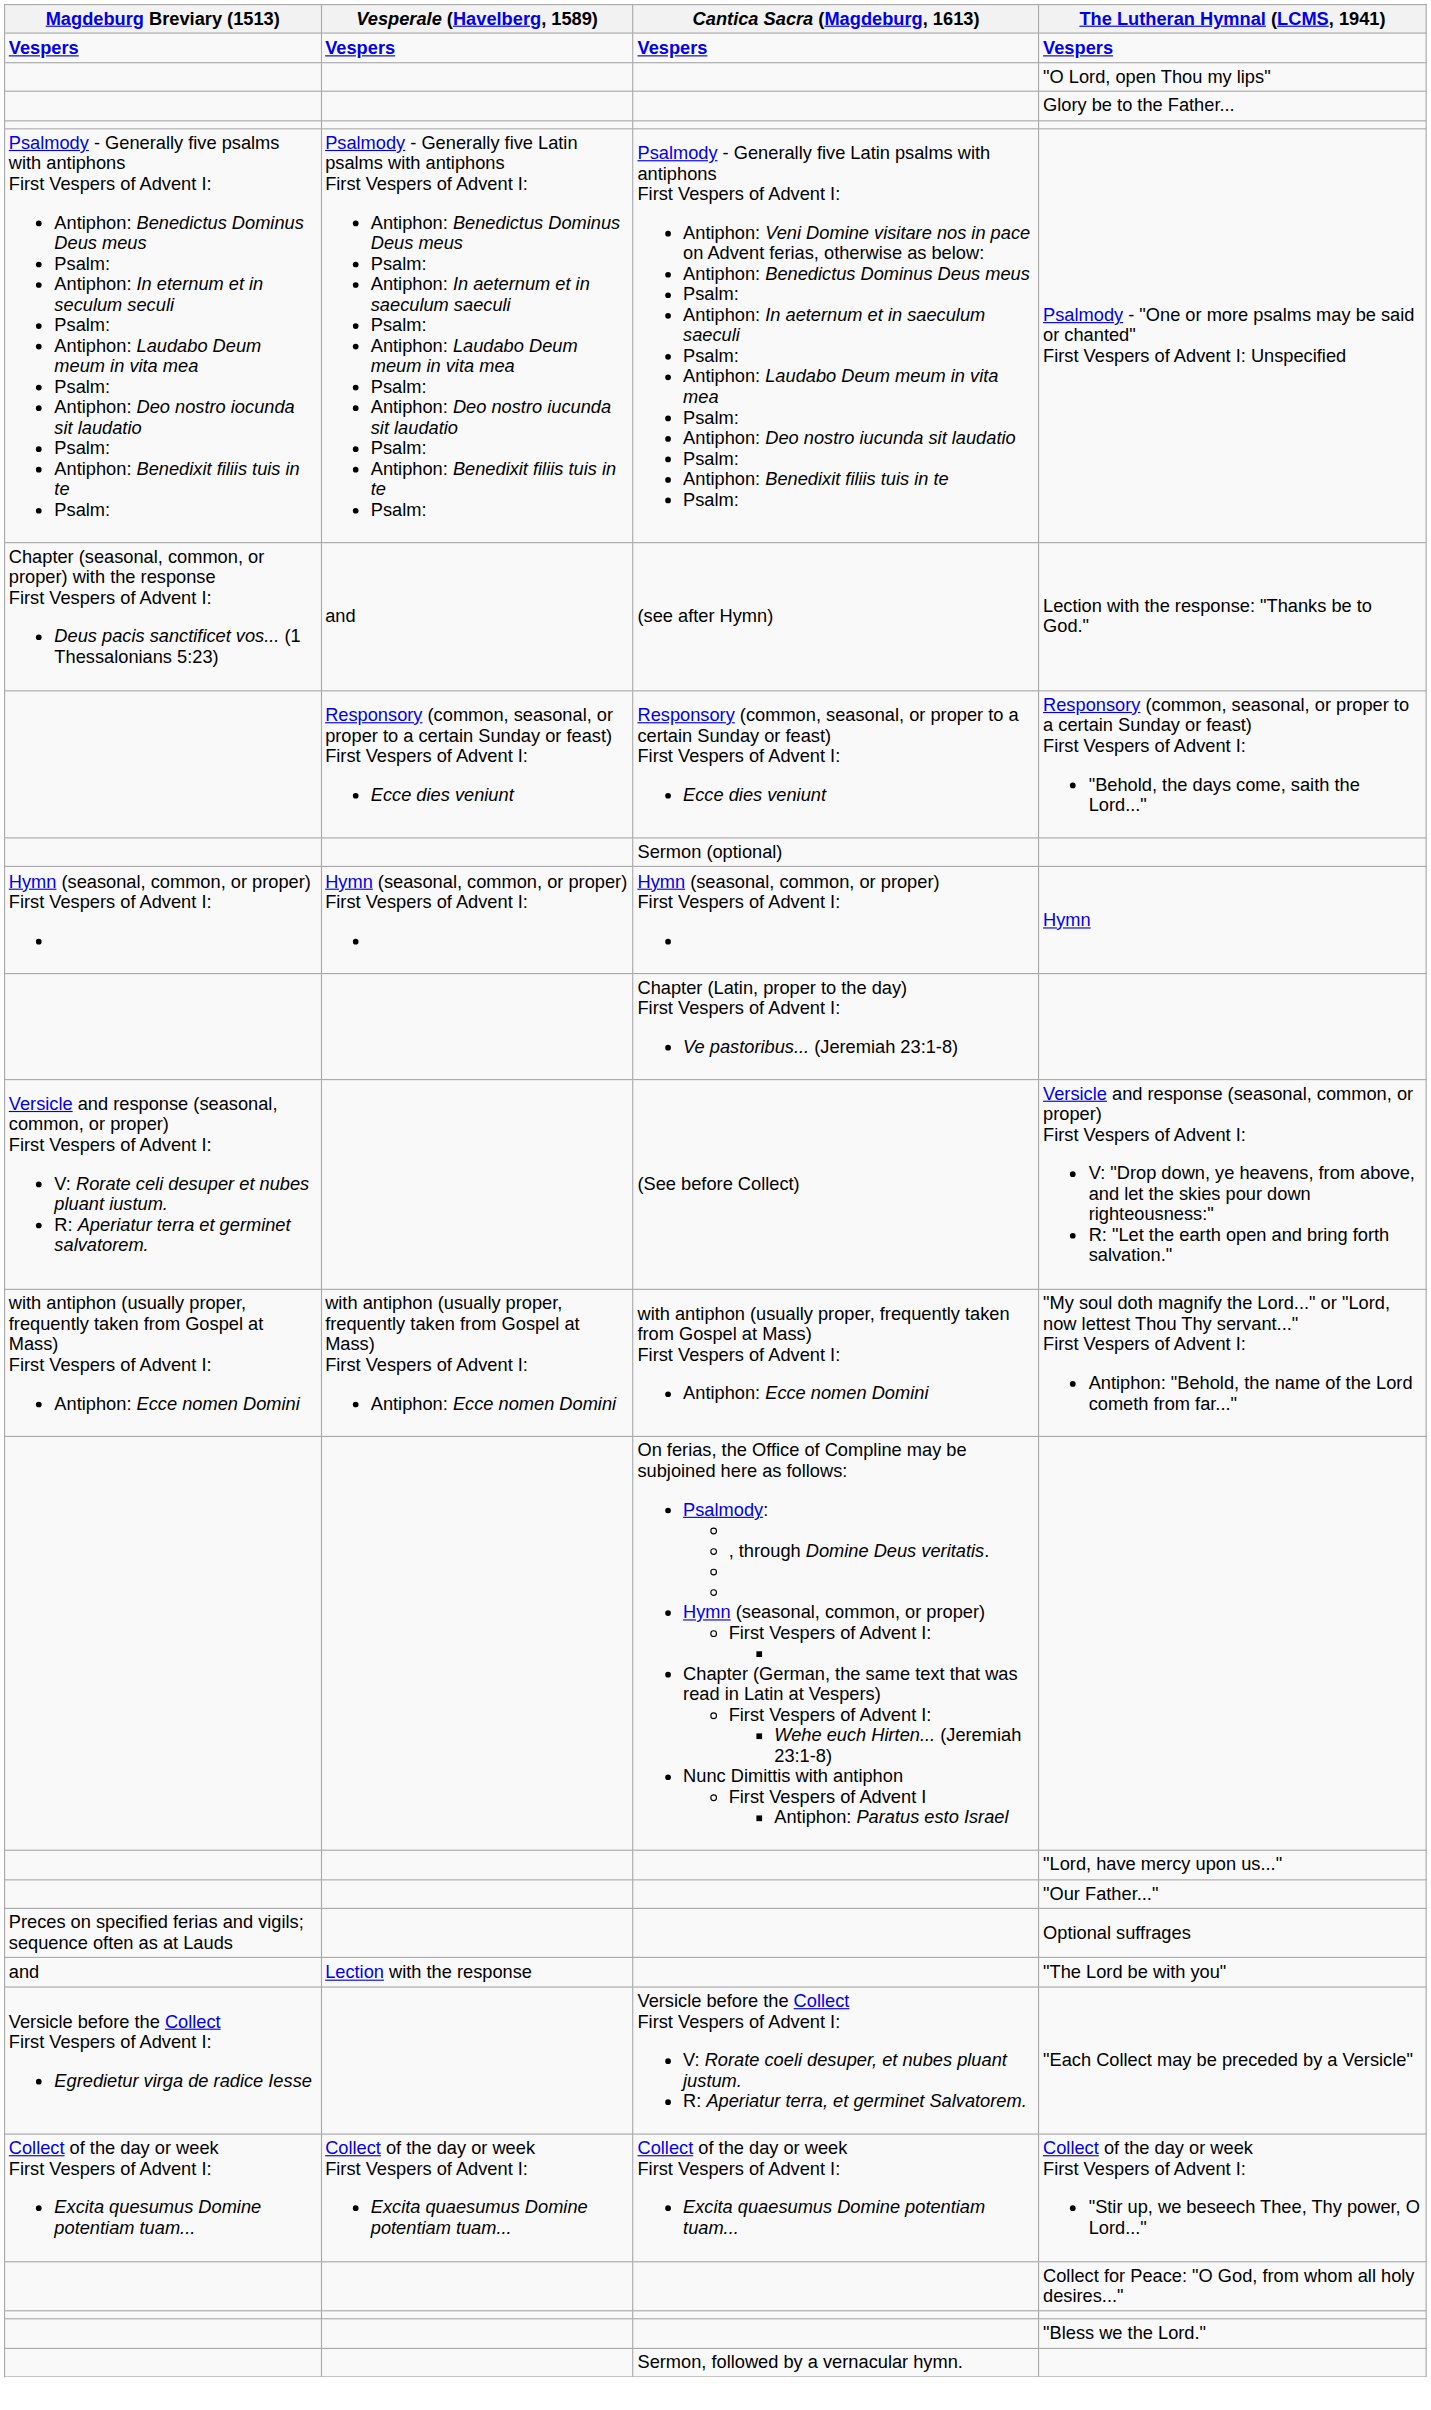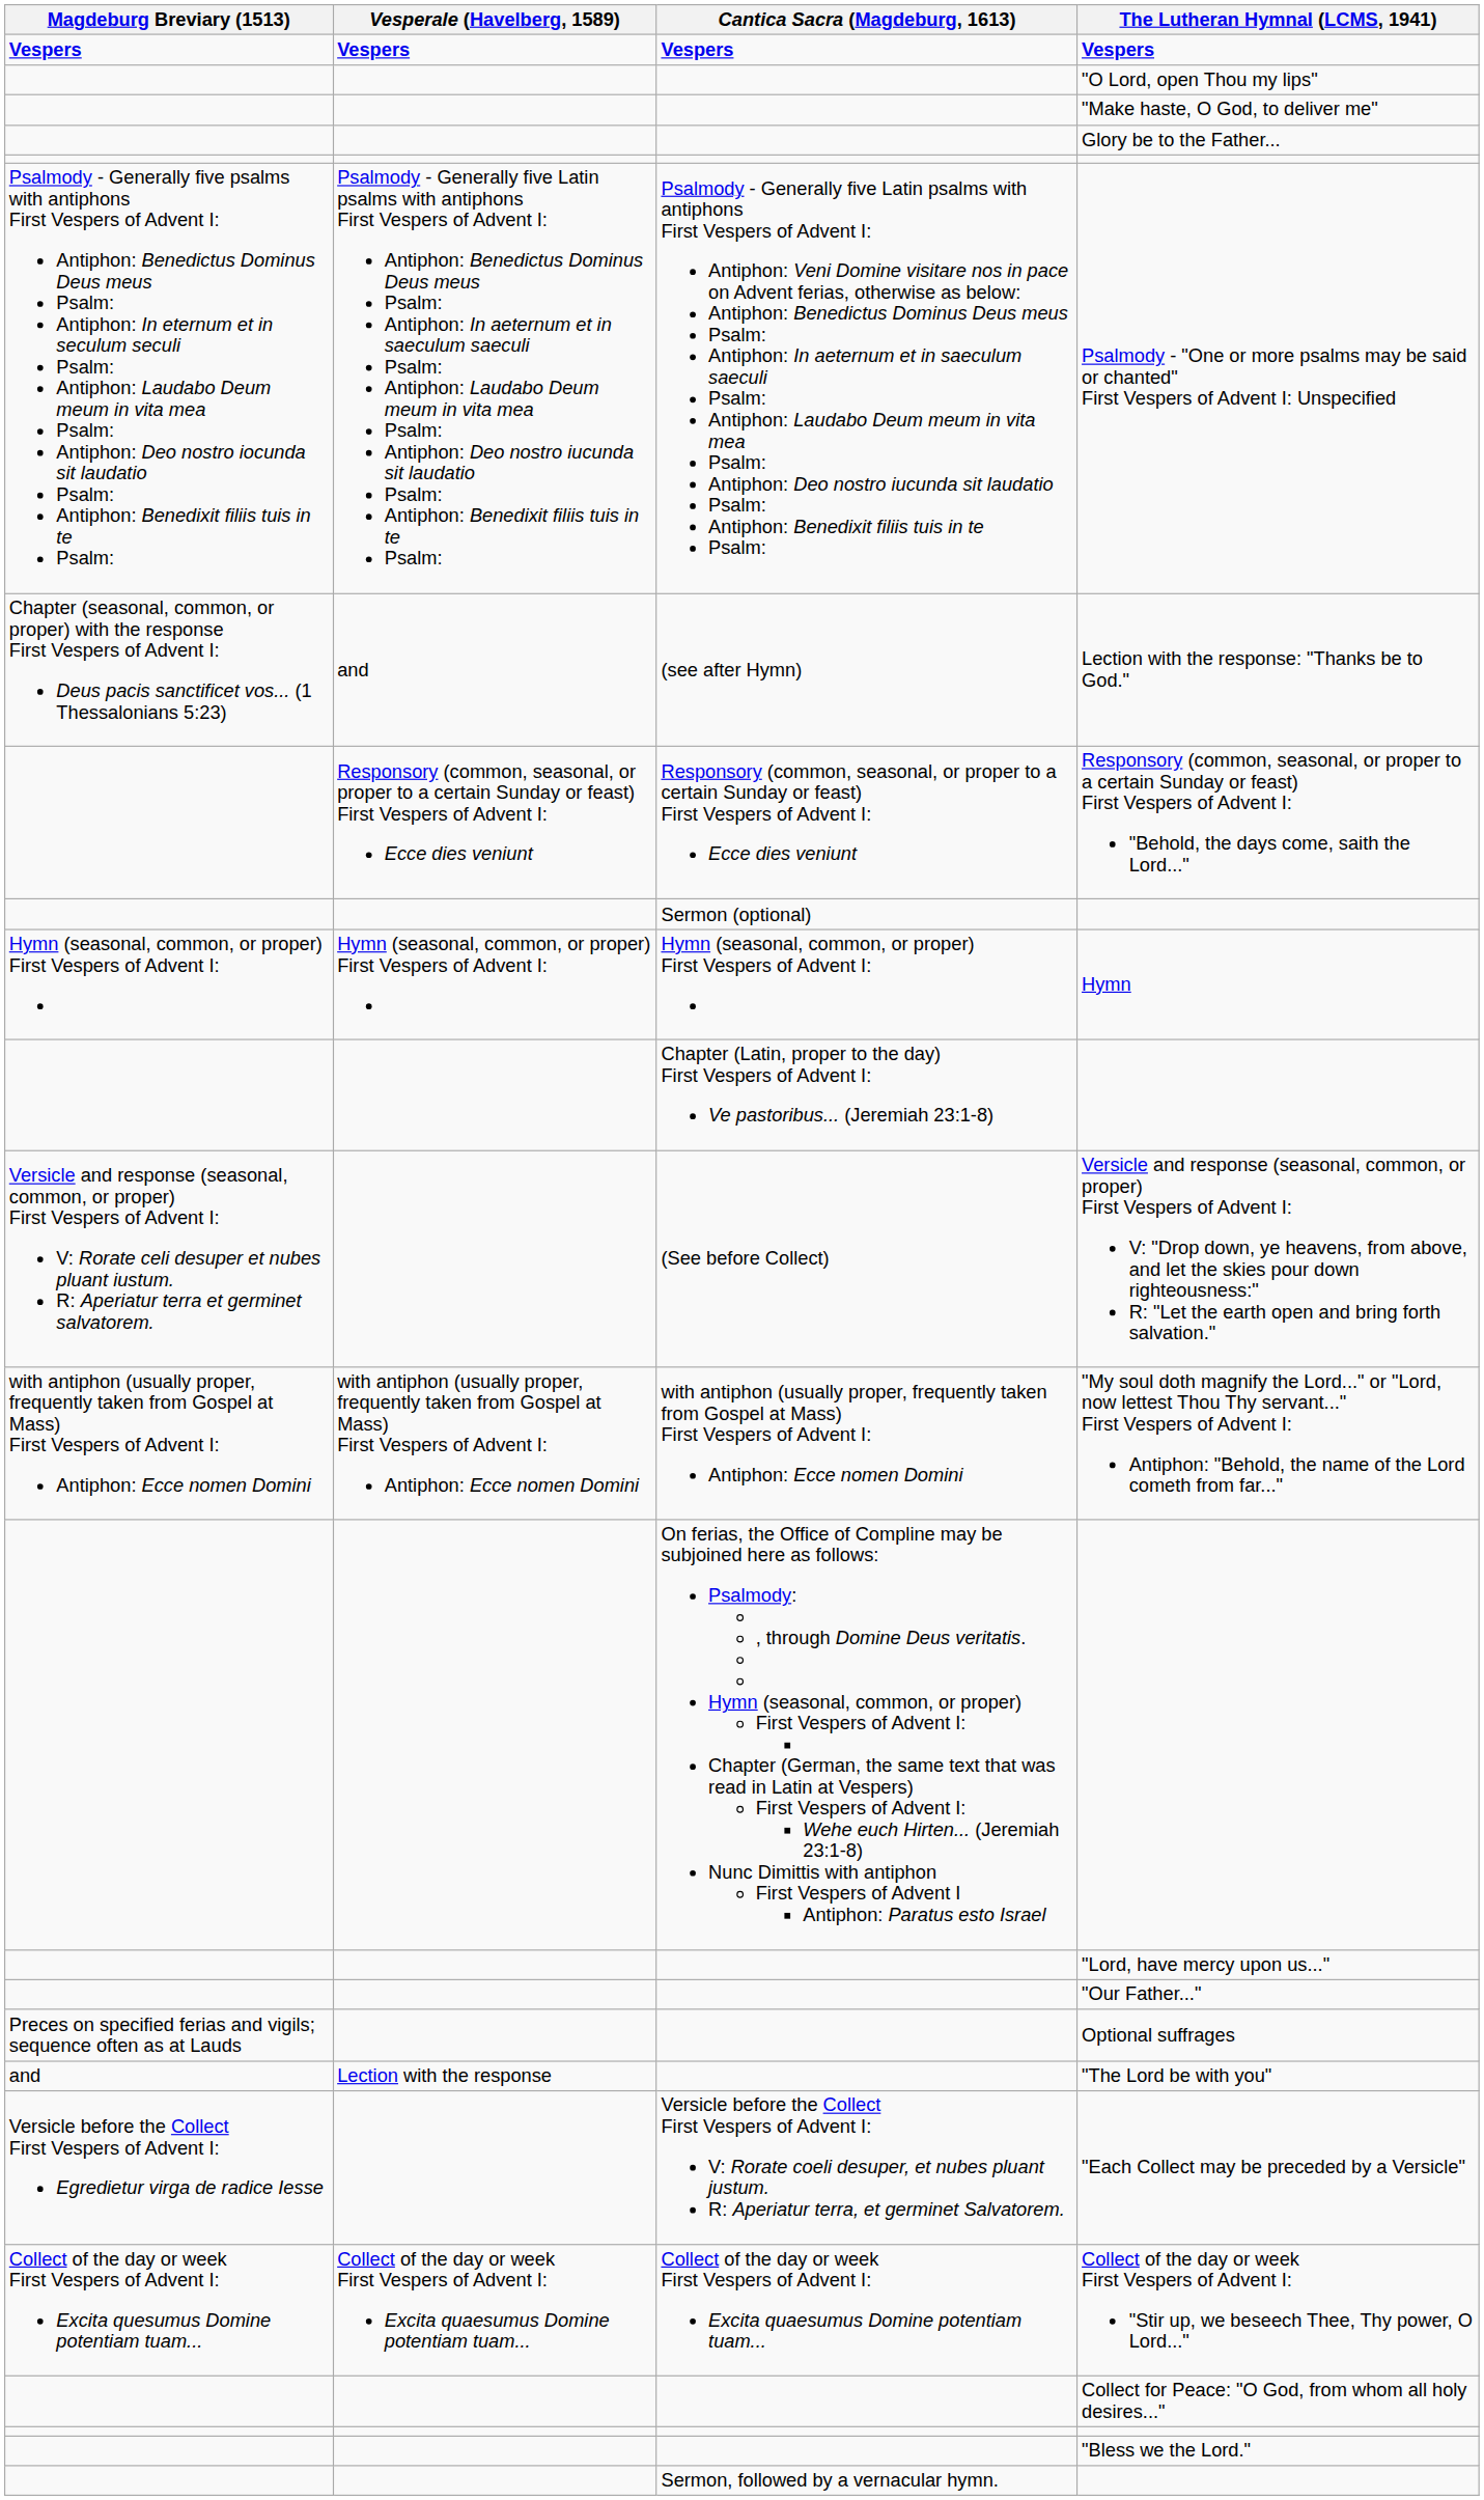 <table class="wikitable">
 <tr>
 <th><a href='#'>Magdeburg</a> Breviary (1513)</th>
 <th><em>Vesperale</em> (<a href='#'>Havelberg</a>, 1589)</th>
 <th><em>Cantica Sacra</em> (<a href='#'>Magdeburg</a>, 1613)</th>
 <th><a href='#'>The Lutheran Hymnal</a> (<a href='#'>LCMS</a>, 1941)</th>
 </tr>
 <tr>
 <td><strong><a href='#'>Vespers</a></strong></td>
 <td><strong><a href='#'>Vespers</a></strong></td>
 <td><strong><a href='#'>Vespers</a></strong></td>
 <td><strong><a href='#'>Vespers</a></strong></td>
 </tr>
 <tr>
 <td></td>
 <td></td>
 <td></td>
 <td>"O Lord, open Thou my lips"</td>
+</tr>
+<tr>
+<td></td>
+<td></td>
+<td></td>
+<td>"Make haste, O God, to deliver me"</td>
 </tr>
 <tr>
 <td></td>
 <td></td>
 <td></td>
 <td>Glory be to the Father...</td>
 </tr>
 <tr>
 <td></td>
 <td></td>
 <td></td>
 <td></td>
 </tr>
 <tr>
 <td><a href='#'>Psalmody</a> - Generally five psalms with antiphons<br>First Vespers of Advent I:<ul><li>Antiphon: <em>Benedictus Dominus Deus meus</em></li><li>Psalm: </li><li>Antiphon: <em>In eternum et in seculum seculi</em></li><li>Psalm: </li><li>Antiphon: <em>Laudabo Deum meum in vita mea</em></li><li>Psalm: </li><li>Antiphon: <em>Deo nostro iocunda sit laudatio</em></li><li>Psalm: </li><li>Antiphon: <em>Benedixit filiis tuis in te</em></li><li>Psalm: </li></ul></td>
 <td><a href='#'>Psalmody</a> - Generally five Latin psalms with antiphons<br>First Vespers of Advent I:<ul><li>Antiphon: <em>Benedictus Dominus Deus meus</em></li><li>Psalm: </li><li>Antiphon: <em>In aeternum et in saeculum saeculi</em></li><li>Psalm: </li><li>Antiphon: <em>Laudabo Deum meum in vita mea</em></li><li>Psalm: </li><li>Antiphon: <em>Deo nostro iucunda sit laudatio</em></li><li>Psalm: </li><li>Antiphon: <em>Benedixit filiis tuis in te</em></li><li>Psalm: </li></ul></td>
 <td><a href='#'>Psalmody</a> - Generally five Latin psalms with antiphons<br>First Vespers of Advent I:<ul><li>Antiphon: <em>Veni Domine visitare nos in pace</em> on Advent ferias, otherwise as below:</li><li>Antiphon: <em>Benedictus Dominus Deus meus</em></li><li>Psalm: </li><li>Antiphon: <em>In aeternum et in saeculum saeculi</em></li><li>Psalm: </li><li>Antiphon: <em>Laudabo Deum meum in vita mea</em></li><li>Psalm: </li><li>Antiphon: <em>Deo nostro iucunda sit laudatio</em></li><li>Psalm: </li><li>Antiphon: <em>Benedixit filiis tuis in te</em></li><li>Psalm: </li></ul></td>
 <td><a href='#'>Psalmody</a> - "One or more psalms may be said or chanted"<br>First Vespers of Advent I: Unspecified</td>
 </tr>
 <tr>
 <td>Chapter (seasonal, common, or proper) with the response <br>First Vespers of Advent I:<ul><li><em>Deus pacis sanctificet vos...</em> (1 Thessalonians 5:23)</li></ul></td>
 <td> and </td>
 <td>(see after Hymn)</td>
 <td>Lection with the response: "Thanks be to God."</td>
 </tr>
 <tr>
 <td></td>
 <td><a href='#'>Responsory</a> (common, seasonal, or proper to a certain Sunday or feast)<br>First Vespers of Advent I:<ul><li><em>Ecce dies veniunt</em></li></ul></td>
 <td><a href='#'>Responsory</a> (common, seasonal, or proper to a certain Sunday or feast)<br>First Vespers of Advent I:<ul><li><em>Ecce dies veniunt</em></li></ul></td>
 <td><a href='#'>Responsory</a> (common, seasonal, or proper to a certain Sunday or feast)<br>First Vespers of Advent I:<ul><li>"Behold, the days come, saith the Lord..."</li></ul></td>
 </tr>
 <tr>
 <td></td>
 <td></td>
 <td>Sermon (optional)</td>
 </tr>
 <tr>
 <td><a href='#'>Hymn</a> (seasonal, common, or proper)<br>First Vespers of Advent I:<ul><li></li></ul></td>
 <td><a href='#'>Hymn</a> (seasonal, common, or proper)<br>First Vespers of Advent I:<ul><li></li></ul></td>
 <td><a href='#'>Hymn</a> (seasonal, common, or proper)<br>First Vespers of Advent I:<ul><li></li></ul></td>
 <td><a href='#'>Hymn</a></td>
 </tr>
 <tr>
 <td></td>
 <td></td>
 <td>Chapter (Latin, proper to the day)<br>First Vespers of Advent I:<ul><li><em>Ve pastoribus...</em> (Jeremiah 23:1-8)</li></ul></td>
 <td></td>
 </tr>
 <tr>
 <td><a href='#'>Versicle</a> and response (seasonal, common, or proper)<br>First Vespers of Advent I:<ul><li>V: <em>Rorate celi desuper et nubes pluant iustum.</em></li><li>R: <em>Aperiatur terra et germinet salvatorem.</em></li></ul></td>
 <td></td>
 <td>(See before Collect)</td>
 <td><a href='#'>Versicle</a> and response (seasonal, common, or proper)<br>First Vespers of Advent I:<ul><li>V: "Drop down, ye heavens, from above, and let the skies pour down righteousness:"</li><li>R: "Let the earth open and bring forth salvation."</li></ul></td>
 </tr>
 <tr>
 <td> with antiphon (usually proper, frequently taken from Gospel at Mass)<br>First Vespers of Advent I:<ul><li>Antiphon: <em>Ecce nomen Domini</em></li></ul></td>
 <td> with antiphon (usually proper, frequently taken from Gospel at Mass)<br>First Vespers of Advent I:<ul><li>Antiphon: <em>Ecce nomen Domini</em></li></ul></td>
 <td> with antiphon (usually proper, frequently taken from Gospel at Mass)<br>First Vespers of Advent I:<ul><li>Antiphon: <em>Ecce nomen Domini</em></li></ul></td>
 <td>"My soul doth magnify the Lord..." or "Lord, now lettest Thou Thy servant..."<br>First Vespers of Advent I:<ul><li>Antiphon: "Behold, the name of the Lord cometh from far..."</li></ul></td>
 </tr>
 <tr>
 <td></td>
 <td></td>
 <td>On ferias, the Office of Compline may be subjoined here as follows:<br><ul><li><a href='#'>Psalmody</a>:<ul><li></li><li>, through <em>Domine Deus veritatis</em>.</li><li></li><li></li></ul></li><li><a href='#'>Hymn</a> (seasonal, common, or proper)<ul><li>First Vespers of Advent I:<ul><li></li></ul></li></ul></li><li>Chapter (German, the same text that was read in Latin at Vespers)<ul><li>First Vespers of Advent I:<ul><li><em>Wehe euch Hirten...</em> (Jeremiah 23:1-8)</li></ul></li></ul></li><li>Nunc Dimittis with antiphon<ul><li>First Vespers of Advent I<ul><li>Antiphon: <em>Paratus esto Israel</em></li></ul></li></ul></li></ul></td>
 <td></td>
 </tr>
 <tr>
 <td></td>
 <td></td>
 <td></td>
 <td>"Lord, have mercy upon us..."</td>
 </tr>
 <tr>
 <td></td>
 <td></td>
 <td></td>
 <td>"Our Father..."</td>
 </tr>
 <tr>
 <td>Preces on specified ferias and vigils; sequence often as at Lauds</td>
 <td></td>
 <td></td>
 <td>Optional suffrages</td>
 </tr>
 <tr>
 <td> and </td>
 <td><a href='#'>Lection</a> with the response </td>
 <td></td>
 <td>"The Lord be with you"</td>
 </tr>
 <tr>
 <td>Versicle before the <a href='#'>Collect</a><br>First Vespers of Advent I:<ul><li><em>Egredietur virga de radice Iesse</em></li></ul></td>
 <td></td>
 <td>Versicle before the <a href='#'>Collect</a><br>First Vespers of Advent I:<ul><li>V: <em>Rorate coeli desuper, et nubes pluant justum.</em></li><li>R: <em>Aperiatur terra, et germinet Salvatorem.</em></li></ul></td>
 <td>"Each Collect may be preceded by a Versicle"</td>
 </tr>
 <tr>
 <td><a href='#'>Collect</a> of the day or week<br>First Vespers of Advent I:<ul><li><em>Excita quesumus Domine potentiam tuam...</em></li></ul></td>
 <td><a href='#'>Collect</a> of the day or week<br>First Vespers of Advent I:<ul><li><em>Excita quaesumus Domine potentiam tuam...</em></li></ul></td>
 <td><a href='#'>Collect</a> of the day or week<br>First Vespers of Advent I:<ul><li><em>Excita quaesumus Domine potentiam tuam...</em></li></ul></td>
 <td><a href='#'>Collect</a> of the day or week<br>First Vespers of Advent I:<ul><li>"Stir up, we beseech Thee, Thy power, O Lord..."</li></ul></td>
 </tr>
 <tr>
 <td></td>
 <td></td>
 <td></td>
 <td>Collect for Peace: "O God, from whom all holy desires..."</td>
 </tr>
 <tr>
 <td></td>
 <td></td>
 <td></td>
 <td></td>
 </tr>
 <tr>
 <td></td>
 <td></td>
 <td></td>
 <td>"Bless we the Lord."</td>
 </tr>
 <tr>
 <td></td>
 <td></td>
 <td>Sermon, followed by a vernacular hymn.</td>
 <td></td>
 </tr>
 </table>
